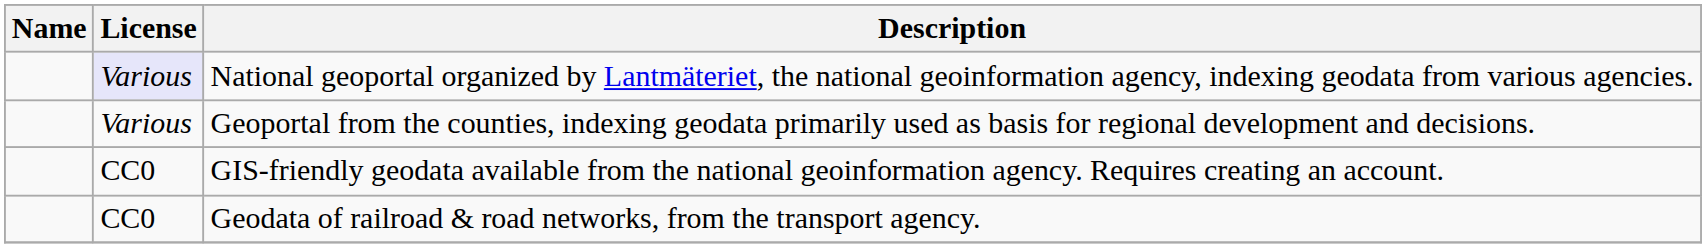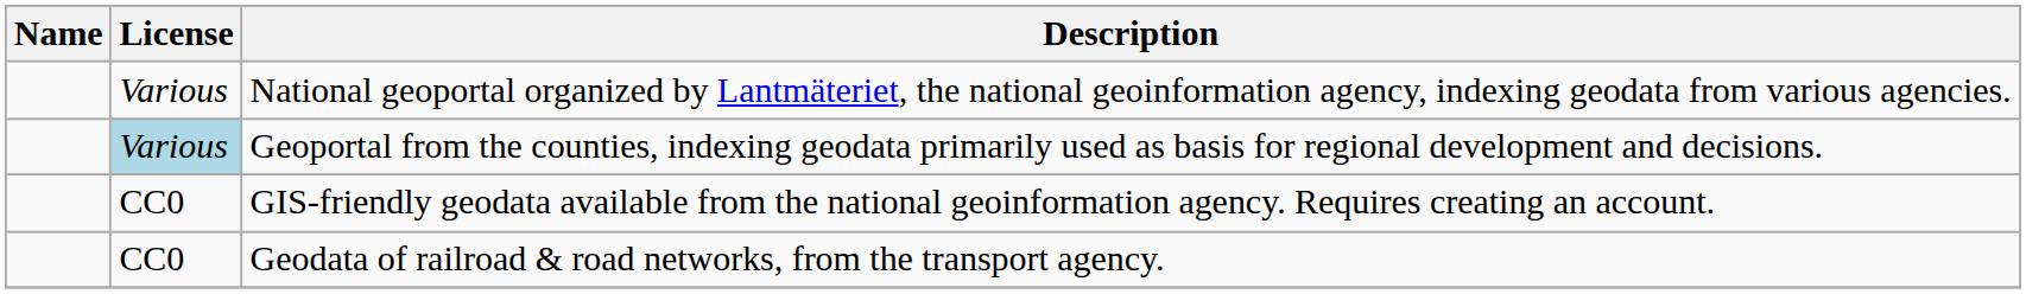 <table class="wikitable sortable" style="text-align: left; color: black;">
 <tr>
 <th data-sort-type="text"><strong>Name</strong></th>
 <th data-sort-type="text"><strong>License</strong></th>
 <th class="unsortable"><strong>Description</strong></th>
 </tr>
 <tr>
 <td align="left"></td>
-<td style="background: lavender;"><em>Various</em></td>
+<td><em>Various</em></td>
 <td>National geoportal organized by <a href='#'>Lantmäteriet</a>, the national geoinformation agency, indexing geodata from various agencies.</td>
 </tr>
 <tr>
 <td align="left"></td>
-<td><em>Various</em></td>
+<td style="background: lightblue;"><em>Various</em></td>
 <td>Geoportal from the counties, indexing geodata primarily used as basis for regional development and decisions.</td>
 </tr>
 <tr>
 <td align="left"></td>
 <td>CC0</td>
 <td>GIS-friendly geodata available from the national geoinformation agency. Requires creating an account.</td>
 </tr>
 <tr>
 <td align="left"></td>
 <td>CC0</td>
 <td>Geodata of railroad & road networks, from the transport agency.</td>
 </tr>
 <tr>
 </tr>
 </table>
